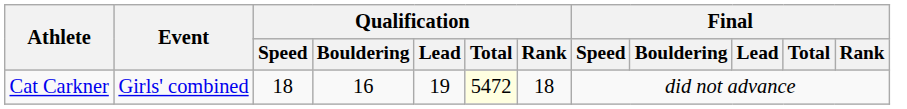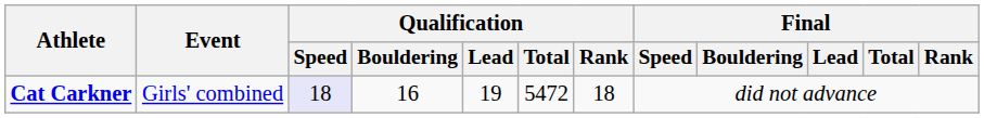 <table class="wikitable" style="text-align:center;font-size:90%">
 <tr>
 <th rowspan=2>Athlete</th>
 <th rowspan=2>Event</th>
 <th colspan=5>Qualification</th>
 <th colspan=5>Final</th>
 </tr>
 <tr style="font-size:95%">
 <th>Speed</th>
 <th>Bouldering</th>
 <th>Lead</th>
 <th>Total</th>
 <th>Rank</th>
 <th>Speed</th>
 <th>Bouldering</th>
 <th>Lead</th>
 <th>Total</th>
 <th>Rank</th>
 </tr>
 <tr>
-<td align=left><a href='#'>Cat Carkner</a></td>
+<td align=left><strong><a href='#'>Cat Carkner</a></strong></td>
 <td rowspan=2 align=left><a href='#'>Girls' combined</a></td>
-<td>18</td>
+<td style="background: lavender;">18</td>
 <td>16</td>
 <td>19</td>
-<td style="background: lightyellow;">5472</td>
+<td>5472</td>
 <td>18</td>
 <td colspan=5><em>did not advance</em></td>
 </tr>
 </table>
